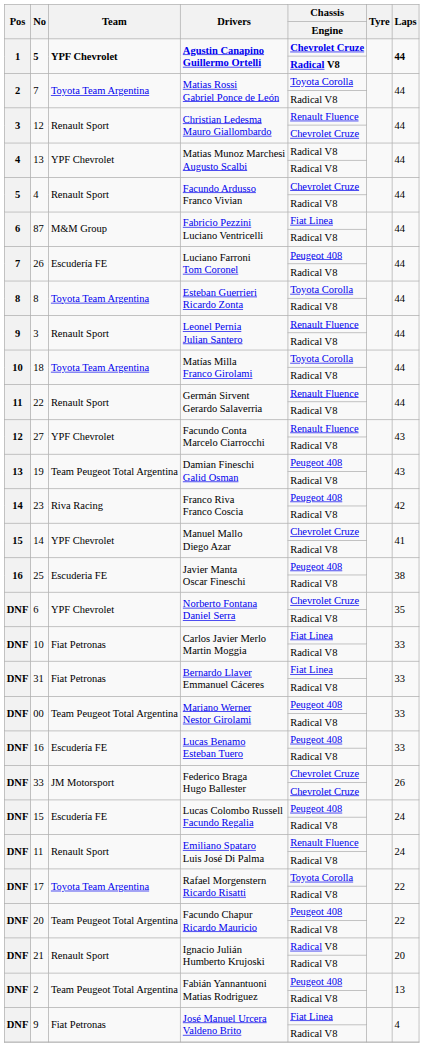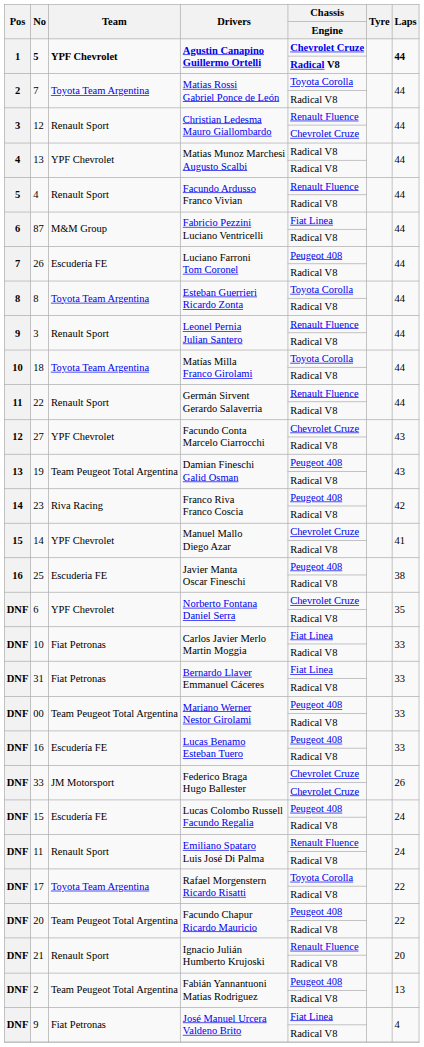 <table class="wikitable" style="font-size: 95%;">
 <tr>
 <th rowspan=2>Pos</th>
 <th rowspan=2>No</th>
 <th rowspan=2>Team</th>
 <th rowspan=2>Drivers</th>
 <th>Chassis</th>
 <th rowspan=2>Tyre</th>
 <th rowspan=2>Laps</th>
 </tr>
 <tr>
 <th>Engine</th>
 </tr>
 <tr style="font-weight:bold">
 <th rowspan=2>1</th>
 <td rowspan=2>5</td>
 <td rowspan=2>YPF Chevrolet</td>
 <td rowspan=2> <a href='#'>Agustin Canapino</a><br> <a href='#'>Guillermo Ortelli</a></td>
 <td><a href='#'>Chevrolet Cruze</a></td>
 <td rowspan=2></td>
 <td rowspan=2>44</td>
 </tr>
 <tr style="font-weight:bold">
 <td><a href='#'>Radical</a> V8</td>
 </tr>
 <tr>
 <th rowspan=2>2</th>
 <td rowspan=2>7</td>
 <td rowspan=2><a href='#'>Toyota Team Argentina</a></td>
 <td rowspan=2> <a href='#'>Matias Rossi</a><br> <a href='#'>Gabriel Ponce de León</a></td>
 <td><a href='#'>Toyota Corolla</a></td>
 <td rowspan=2></td>
 <td rowspan=2>44</td>
 </tr>
 <tr>
 <td>Radical V8</td>
 </tr>
 <tr>
 <th rowspan=2>3</th>
 <td rowspan=2>12</td>
 <td rowspan=2>Renault Sport</td>
 <td rowspan=2> <a href='#'>Christian Ledesma</a><br> <a href='#'>Mauro Giallombardo</a></td>
 <td><a href='#'>Renault Fluence</a></td>
 <td rowspan=2></td>
 <td rowspan=2>44</td>
 </tr>
 <tr>
 <td><a href='#'>Chevrolet Cruze</a></td>
 </tr>
 <tr>
 <th rowspan=2>4</th>
 <td rowspan=2>13</td>
 <td rowspan=2>YPF Chevrolet</td>
 <td rowspan=2> Matias Munoz Marchesi<br> <a href='#'>Augusto Scalbi</a></td>
 <td>Radical V8</td>
 <td rowspan=2></td>
 <td rowspan=2>44</td>
 </tr>
 <tr>
 <td>Radical V8</td>
 </tr>
 <tr>
 <th rowspan=2>5</th>
 <td rowspan=2>4</td>
 <td rowspan=2>Renault Sport</td>
 <td rowspan=2> <a href='#'>Facundo Ardusso</a><br> Franco Vivian</td>
-<td><a href='#'>Chevrolet Cruze</a></td>
+<td><a href='#'>Renault Fluence</a></td>
 <td rowspan=2></td>
 <td rowspan=2>44</td>
 </tr>
 <tr>
 <td>Radical V8</td>
 </tr>
 <tr>
 <th rowspan=2>6</th>
 <td rowspan=2>87</td>
 <td rowspan=2>M&M Group</td>
 <td rowspan=2> <a href='#'>Fabricio Pezzini</a><br> Luciano Ventricelli</td>
 <td><a href='#'>Fiat Linea</a></td>
 <td rowspan=2></td>
 <td rowspan=2>44</td>
 </tr>
 <tr>
 <td>Radical V8</td>
 </tr>
 <tr>
 <th rowspan=2>7</th>
 <td rowspan=2>26</td>
 <td rowspan=2>Escudería FE</td>
 <td rowspan=2> Luciano Farroni<br> <a href='#'>Tom Coronel</a></td>
 <td><a href='#'>Peugeot 408</a></td>
 <td rowspan=2></td>
 <td rowspan=2>44</td>
 </tr>
 <tr>
 <td>Radical V8</td>
 </tr>
 <tr>
 <th rowspan=2>8</th>
 <td rowspan=2>8</td>
 <td rowspan=2><a href='#'>Toyota Team Argentina</a></td>
 <td rowspan=2> <a href='#'>Esteban Guerrieri</a><br> <a href='#'>Ricardo Zonta</a></td>
 <td><a href='#'>Toyota Corolla</a></td>
 <td rowspan=2></td>
 <td rowspan=2>44</td>
 </tr>
 <tr>
 <td>Radical V8</td>
 </tr>
 <tr>
 <th rowspan=2>9</th>
 <td rowspan=2>3</td>
 <td rowspan=2>Renault Sport</td>
 <td rowspan=2> <a href='#'>Leonel Pernia</a><br> <a href='#'>Julian Santero</a></td>
 <td><a href='#'>Renault Fluence</a></td>
 <td rowspan=2></td>
 <td rowspan=2>44</td>
 </tr>
 <tr>
 <td>Radical V8</td>
 </tr>
 <tr>
 <th rowspan=2>10</th>
 <td rowspan=2>18</td>
 <td rowspan=2><a href='#'>Toyota Team Argentina</a></td>
 <td rowspan=2> Matías Milla<br> <a href='#'>Franco Girolami</a></td>
 <td><a href='#'>Toyota Corolla</a></td>
 <td rowspan=2></td>
 <td rowspan=2>44</td>
 </tr>
 <tr>
 <td>Radical V8</td>
 </tr>
 <tr>
 <th rowspan=2>11</th>
 <td rowspan=2>22</td>
 <td rowspan=2>Renault Sport</td>
 <td rowspan=2> Germán Sirvent<br> Gerardo Salaverria</td>
 <td><a href='#'>Renault Fluence</a></td>
 <td rowspan=2></td>
 <td rowspan=2>44</td>
 </tr>
 <tr>
 <td>Radical V8</td>
 </tr>
 <tr>
 <th rowspan=2>12</th>
 <td rowspan=2>27</td>
 <td rowspan=2>YPF Chevrolet</td>
 <td rowspan=2> Facundo Conta<br> Marcelo Ciarrocchi</td>
-<td><a href='#'>Renault Fluence</a></td>
+<td><a href='#'>Chevrolet Cruze</a></td>
 <td rowspan=2></td>
 <td rowspan=2>43</td>
 </tr>
 <tr>
 <td>Radical V8</td>
 </tr>
 <tr>
 <th rowspan=2>13</th>
 <td rowspan=2>19</td>
 <td rowspan=2>Team Peugeot Total Argentina</td>
 <td rowspan=2> Damian Fineschi<br> <a href='#'>Galid Osman</a></td>
 <td><a href='#'>Peugeot 408</a></td>
 <td rowspan=2></td>
 <td rowspan=2>43</td>
 </tr>
 <tr>
 <td>Radical V8</td>
 </tr>
 <tr>
 <th rowspan=2>14</th>
 <td rowspan=2>23</td>
 <td rowspan=2>Riva Racing</td>
 <td rowspan=2> Franco Riva<br> Franco Coscia</td>
 <td><a href='#'>Peugeot 408</a></td>
 <td rowspan=2></td>
 <td rowspan=2>42</td>
 </tr>
 <tr>
 <td>Radical V8</td>
 </tr>
 <tr>
 <th rowspan=2>15</th>
 <td rowspan=2>14</td>
 <td rowspan=2>YPF Chevrolet</td>
 <td rowspan=2> Manuel Mallo<br> Diego Azar</td>
 <td><a href='#'>Chevrolet Cruze</a></td>
 <td rowspan=2></td>
 <td rowspan=2>41</td>
 </tr>
 <tr>
 <td>Radical V8</td>
 </tr>
 <tr>
 <th rowspan=2>16</th>
 <td rowspan=2>25</td>
 <td rowspan=2>Escuderia FE</td>
 <td rowspan=2> Javier Manta<br> Oscar Fineschi</td>
 <td><a href='#'>Peugeot 408</a></td>
 <td rowspan=2></td>
 <td rowspan=2>38</td>
 </tr>
 <tr>
 <td>Radical V8</td>
 </tr>
 <tr>
 <th rowspan=2>DNF</th>
 <td rowspan=2>6</td>
 <td rowspan=2>YPF Chevrolet</td>
 <td rowspan=2> <a href='#'>Norberto Fontana</a><br> <a href='#'>Daniel Serra</a></td>
 <td><a href='#'>Chevrolet Cruze</a></td>
 <td rowspan=2></td>
 <td rowspan=2>35</td>
 </tr>
 <tr>
 <td>Radical V8</td>
 </tr>
 <tr>
 <th rowspan=2>DNF</th>
 <td rowspan=2>10</td>
 <td rowspan=2>Fiat Petronas</td>
 <td rowspan=2> Carlos Javier Merlo<br> Martin Moggia</td>
 <td><a href='#'>Fiat Linea</a></td>
 <td rowspan=2></td>
 <td rowspan=2>33</td>
 </tr>
 <tr>
 <td>Radical V8</td>
 </tr>
 <tr>
 <th rowspan=2>DNF</th>
 <td rowspan=2>31</td>
 <td rowspan=2>Fiat Petronas</td>
 <td rowspan=2> <a href='#'>Bernardo Llaver</a><br> Emmanuel Cáceres</td>
 <td><a href='#'>Fiat Linea</a></td>
 <td rowspan=2></td>
 <td rowspan=2>33</td>
 </tr>
 <tr>
 <td>Radical V8</td>
 </tr>
 <tr>
 <th rowspan=2>DNF</th>
 <td rowspan=2>00</td>
 <td rowspan=2>Team Peugeot Total Argentina</td>
 <td rowspan=2> <a href='#'>Mariano Werner</a><br> <a href='#'>Nestor Girolami</a></td>
 <td><a href='#'>Peugeot 408</a></td>
 <td rowspan=2></td>
 <td rowspan=2>33</td>
 </tr>
 <tr>
 <td>Radical V8</td>
 </tr>
 <tr>
 <th rowspan=2>DNF</th>
 <td rowspan=2>16</td>
 <td rowspan=2>Escudería FE</td>
 <td rowspan=2> <a href='#'>Lucas Benamo</a><br> <a href='#'>Esteban Tuero</a></td>
 <td><a href='#'>Peugeot 408</a></td>
 <td rowspan=2></td>
 <td rowspan=2>33</td>
 </tr>
 <tr>
 <td>Radical V8</td>
 </tr>
 <tr>
 <th rowspan=2>DNF</th>
 <td rowspan=2>33</td>
 <td rowspan=2>JM Motorsport</td>
 <td rowspan=2> Federico Braga<br> Hugo Ballester</td>
 <td><a href='#'>Chevrolet Cruze</a></td>
 <td rowspan=2></td>
 <td rowspan=2>26</td>
 </tr>
 <tr>
 <td><a href='#'>Chevrolet Cruze</a></td>
 </tr>
 <tr>
 <th rowspan=2>DNF</th>
 <td rowspan=2>15</td>
 <td rowspan=2>Escudería FE</td>
 <td rowspan=2> Lucas Colombo Russell<br> <a href='#'>Facundo Regalia</a></td>
 <td><a href='#'>Peugeot 408</a></td>
 <td rowspan=2></td>
 <td rowspan=2>24</td>
 </tr>
 <tr>
 <td>Radical V8</td>
 </tr>
 <tr>
 <th rowspan=2>DNF</th>
 <td rowspan=2>11</td>
 <td rowspan=2>Renault Sport</td>
 <td rowspan=2> <a href='#'>Emiliano Spataro</a><br> Luis José Di Palma</td>
 <td><a href='#'>Renault Fluence</a></td>
 <td rowspan=2></td>
 <td rowspan=2>24</td>
 </tr>
 <tr>
 <td>Radical V8</td>
 </tr>
 <tr>
 <th rowspan=2>DNF</th>
 <td rowspan=2>17</td>
 <td rowspan=2><a href='#'>Toyota Team Argentina</a></td>
 <td rowspan=2> Rafael Morgenstern<br> <a href='#'>Ricardo Risatti</a></td>
 <td><a href='#'>Toyota Corolla</a></td>
 <td rowspan=2></td>
 <td rowspan=2>22</td>
 </tr>
 <tr>
 <td>Radical V8</td>
 </tr>
 <tr>
 <th rowspan=2>DNF</th>
 <td rowspan=2>20</td>
 <td rowspan=2>Team Peugeot Total Argentina</td>
 <td rowspan=2> Facundo Chapur<br> <a href='#'>Ricardo Mauricio</a></td>
 <td><a href='#'>Peugeot 408</a></td>
 <td rowspan=2></td>
 <td rowspan=2>22</td>
 </tr>
 <tr>
 <td>Radical V8</td>
 </tr>
 <tr>
 <th rowspan=2>DNF</th>
 <td rowspan=2>21</td>
 <td rowspan=2>Renault Sport</td>
 <td rowspan=2> Ignacio Julián<br> Humberto Krujoski</td>
-<td><a href='#'>Radical</a> V8</td>
+<td><a href='#'>Renault Fluence</a></td>
 <td rowspan=2></td>
 <td rowspan=2>20</td>
 </tr>
 <tr>
 <td>Radical V8</td>
 </tr>
 <tr>
 <th rowspan=2>DNF</th>
 <td rowspan=2>2</td>
 <td rowspan=2>Team Peugeot Total Argentina</td>
 <td rowspan=2> Fabián Yannantuoni<br> Matias Rodriguez</td>
 <td><a href='#'>Peugeot 408</a></td>
 <td rowspan=2></td>
 <td rowspan=2>13</td>
 </tr>
 <tr>
 <td>Radical V8</td>
 </tr>
 <tr>
 <th rowspan=2>DNF</th>
 <td rowspan=2>9</td>
 <td rowspan=2>Fiat Petronas</td>
 <td rowspan=2> <a href='#'>José Manuel Urcera</a><br> <a href='#'>Valdeno Brito</a></td>
 <td><a href='#'>Fiat Linea</a></td>
 <td rowspan=2></td>
 <td rowspan=2>4</td>
 </tr>
 <tr>
 <td>Radical V8</td>
 </tr>
 <tr>
 </tr>
 </table>
